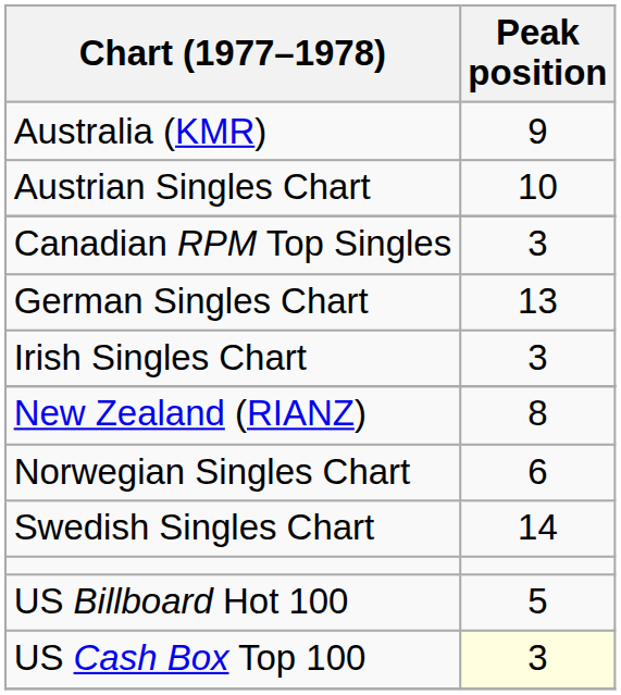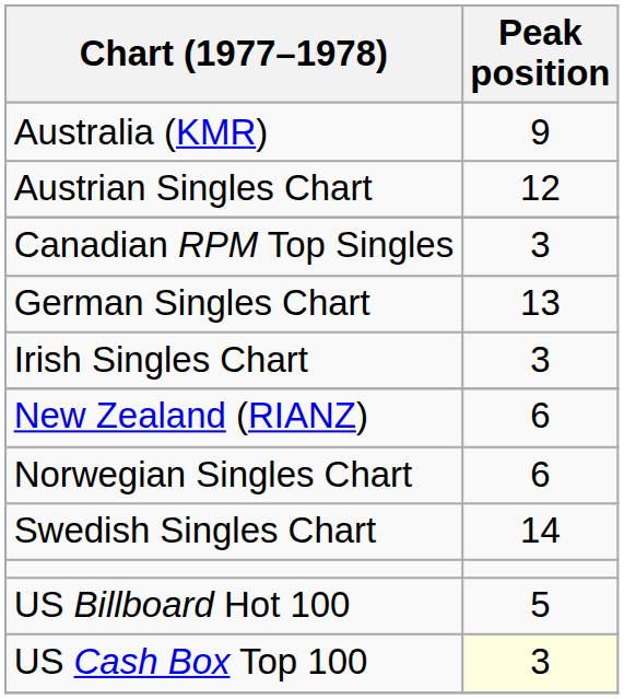 <table class="wikitable sortable">
 <tr>
 <th>Chart (1977–1978)</th>
 <th>Peak<br>position</th>
 </tr>
 <tr>
 <td>Australia (<a href='#'>KMR</a>)</td>
 <td style="text-align:center;">9</td>
 </tr>
 <tr>
 <td>Austrian Singles Chart</td>
-<td style="text-align:center;">10</td>
+<td style="text-align:center;">12</td>
 </tr>
 <tr>
 </tr>
 <tr>
 </tr>
 <tr>
 <td>Canadian <em>RPM</em> Top Singles</td>
 <td style="text-align:center;">3</td>
 </tr>
 <tr>
 <td>German Singles Chart</td>
 <td style="text-align:center;">13</td>
 </tr>
 <tr>
 <td>Irish Singles Chart</td>
 <td style="text-align:center;">3</td>
 </tr>
 <tr>
 </tr>
 <tr>
 </tr>
 <tr>
 <td><a href='#'>New Zealand</a> (<a href='#'>RIANZ</a>)</td>
-<td style="text-align:center;">8</td>
+<td style="text-align:center;">6</td>
 </tr>
 <tr>
 <td>Norwegian Singles Chart</td>
 <td style="text-align:center;">6</td>
 </tr>
 <tr>
 <td>Swedish Singles Chart</td>
 <td style="text-align:center;">14</td>
 </tr>
 <tr>
 <td></td>
 </tr>
 <tr>
 <td>US <em>Billboard</em> Hot 100</td>
 <td style="text-align:center;">5</td>
 </tr>
 <tr>
 <td>US <a href='#'><em>Cash Box</em></a> Top 100</td>
 <td align="center" style="background: lightyellow;">3</td>
 </tr>
 <tr>
 </tr>
 </table>
